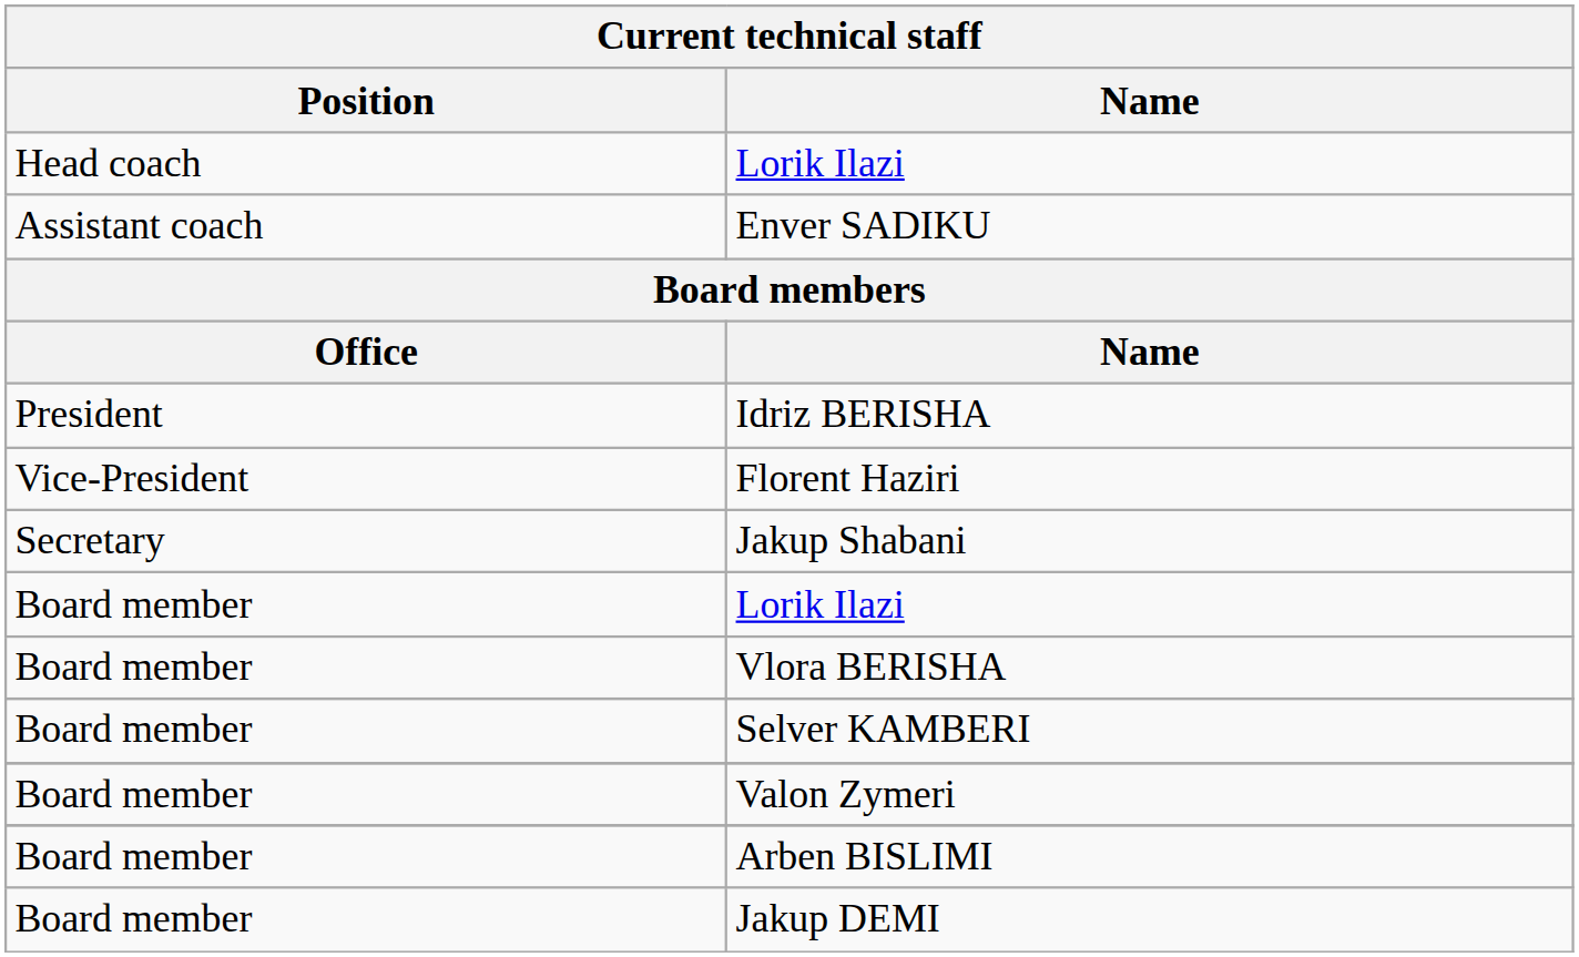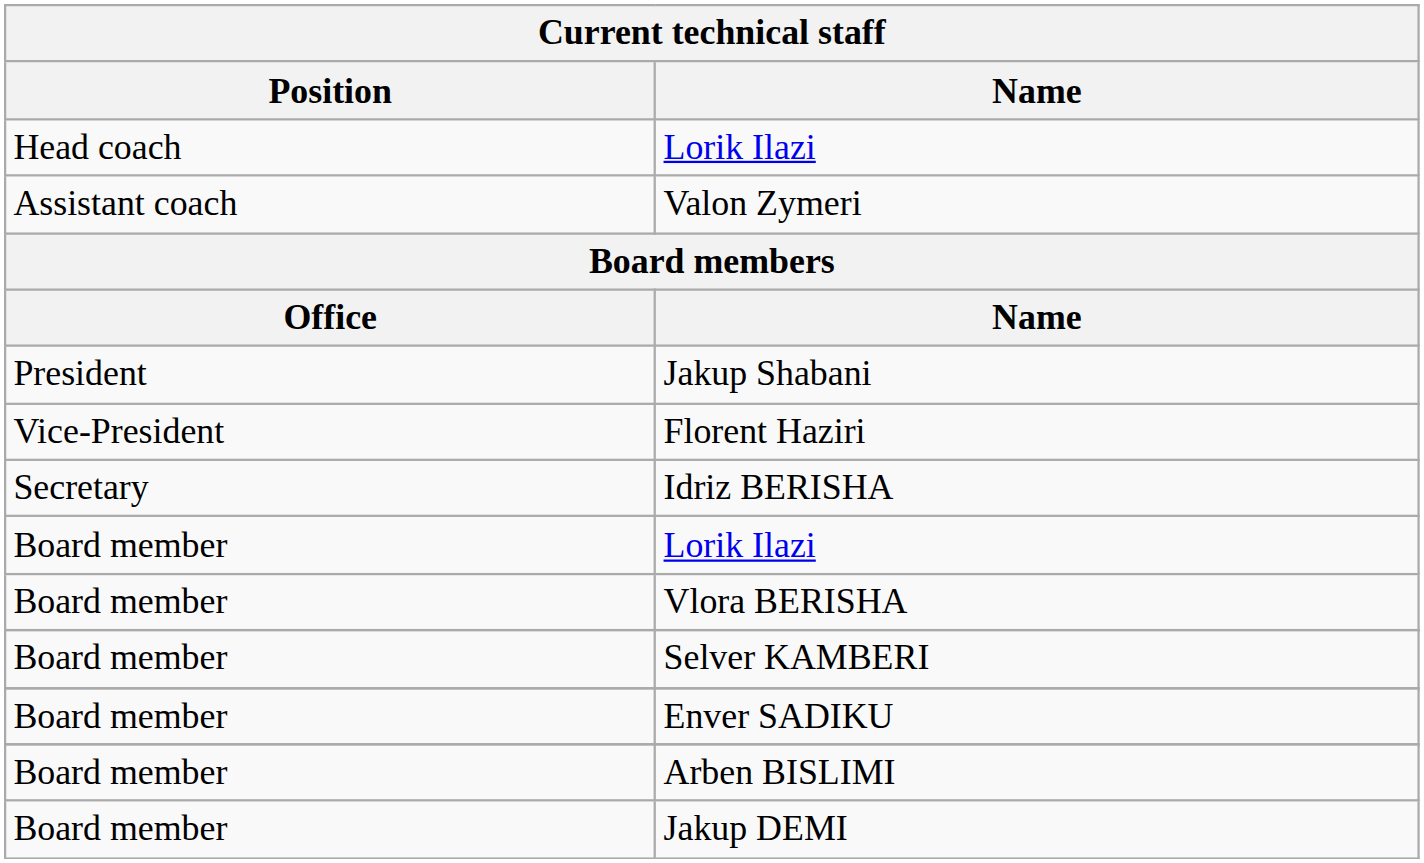 <table class="wikitable" width=50% style="text-align: center;font-size:100%;">
 <tr>
 <th colspan="2">Current technical staff</th>
 </tr>
 <tr>
 <th>Position</th>
 <th>Name</th>
 </tr>
 <tr>
 <td align=left>Head coach</td>
 <td align=left> <a href='#'>Lorik Ilazi</a></td>
 </tr>
 <tr>
 <td align=left>Assistant coach</td>
-<td align=left> Enver SADIKU</td>
+<td align=left> Valon Zymeri</td>
 </tr>
 <tr>
 <th colspan="2">Board members</th>
 </tr>
 <tr>
 <th>Office</th>
 <th>Name</th>
 </tr>
 <tr>
 <td align=left>President</td>
-<td align=left> Idriz BERISHA</td>
+<td align=left> Jakup Shabani</td>
 </tr>
 <tr>
 <td align=left>Vice-President</td>
 <td align=left> Florent Haziri</td>
 </tr>
 <tr>
 <td align=left>Secretary</td>
-<td align=left> Jakup Shabani</td>
+<td align=left> Idriz BERISHA</td>
 </tr>
 <tr>
 <td align=left>Board member</td>
 <td align=left> <a href='#'>Lorik Ilazi</a></td>
 </tr>
 <tr>
 <td align=left>Board member</td>
 <td align=left> Vlora BERISHA</td>
 </tr>
 <tr>
 </tr>
 <tr>
 <td align=left>Board member</td>
 <td align=left> Selver KAMBERI</td>
 </tr>
 <tr>
 </tr>
 <tr>
 <td align=left>Board member</td>
-<td align=left> Valon Zymeri</td>
+<td align=left> Enver SADIKU</td>
 </tr>
 <tr>
 </tr>
 <tr>
 <td align=left>Board member</td>
 <td align=left> Arben BISLIMI</td>
 </tr>
 <tr>
 <td align=left>Board member</td>
 <td align=left> Jakup DEMI</td>
 </tr>
 </table>
